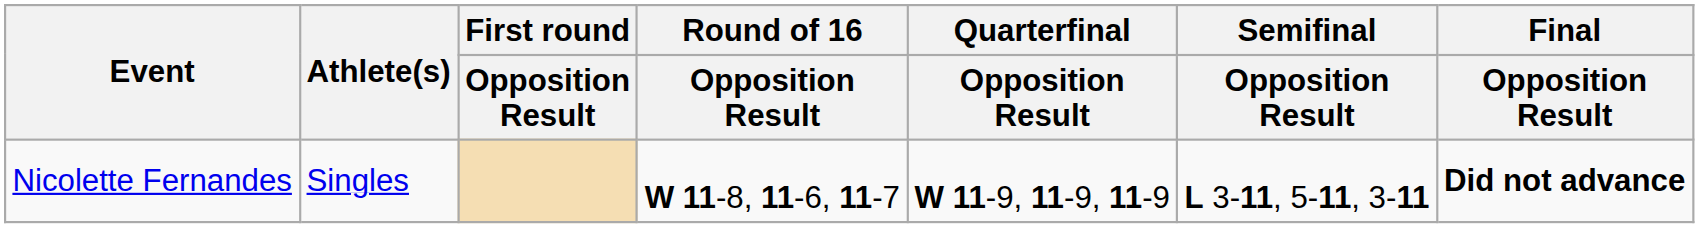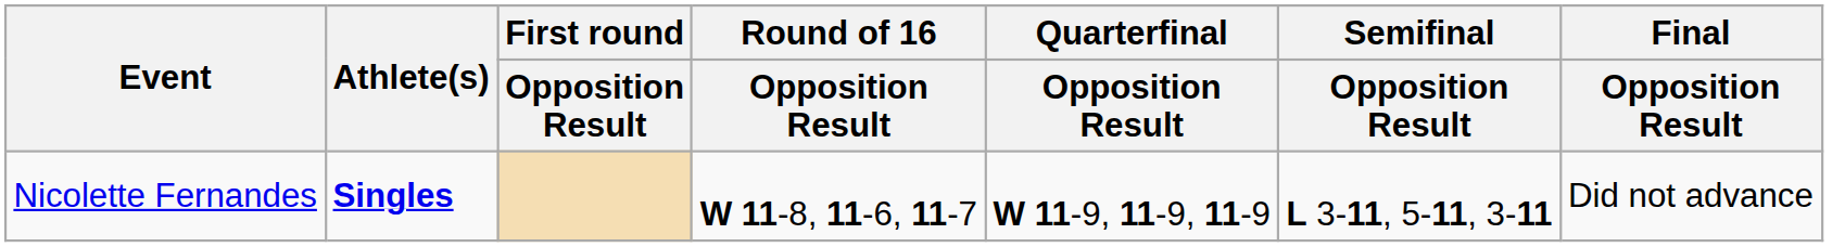 <table class="wikitable" border="1" style="font-size:90%">
 <tr>
 <th rowspan=2>Event</th>
 <th rowspan=2>Athlete(s)</th>
 <th>First round</th>
 <th>Round of 16</th>
 <th>Quarterfinal</th>
 <th>Semifinal</th>
 <th>Final</th>
 </tr>
 <tr>
 <th>Opposition<br>Result</th>
 <th>Opposition<br>Result</th>
 <th>Opposition<br>Result</th>
 <th>Opposition<br>Result</th>
 <th>Opposition<br>Result</th>
 </tr>
 <tr>
 <td><a href='#'>Nicolette Fernandes</a></td>
-<td><a href='#'>Singles</a></td>
+<td><strong><a href='#'>Singles</a></strong></td>
 <td bgcolor=wheat></td>
 <td align=center><br><strong>W</strong> <strong>11</strong>-8, <strong>11</strong>-6, <strong>11</strong>-7</td>
 <td align=center><br><strong>W</strong> <strong>11</strong>-9, <strong>11</strong>-9, <strong>11</strong>-9</td>
 <td align=center><br><strong>L</strong> 3-<strong>11</strong>, 5-<strong>11</strong>, 3-<strong>11</strong><br></td>
-<td align=center><strong>Did not advance</strong></td>
+<td align=center>Did not advance</td>
 </tr>
 </table>
